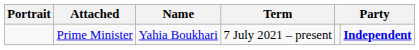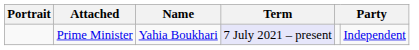 <table class="wikitable" style="text-align:center">
 <tr>
 <th>Portrait</th>
 <th>Attached</th>
 <th>Name</th>
 <th>Term</th>
 <th colspan="2">Party</th>
 </tr>
 <tr>
 <td></td>
 <td><a href='#'>Prime Minister</a></td>
 <td><a href='#'>Yahia Boukhari</a></td>
-<td>7 July 2021 – present</td>
+<td style="background: lavender;">7 July 2021 – present</td>
 <td></td>
-<td><strong><a href='#'>Independent</a></strong></td>
+<td><a href='#'>Independent</a></td>
 </tr>
 </table>
